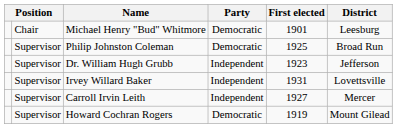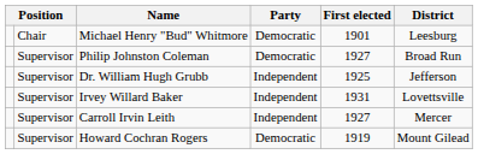 <table class="wikitable">
 <tr>
 <th colspan="2">Position</th>
 <th>Name</th>
 <th>Party</th>
 <th>First elected</th>
 <th>District</th>
 </tr>
 <tr>
 <td style="background-color:"> </td>
 <td>Chair</td>
 <td>Michael Henry "Bud" Whitmore</td>
 <td style="text-align:center;">Democratic</td>
 <td style="text-align:center;">1901</td>
 <td style="text-align:center;">Leesburg</td>
 </tr>
 <tr>
 <td style="background-color:"> </td>
 <td>Supervisor</td>
 <td>Philip Johnston Coleman</td>
 <td style="text-align:center;">Democratic</td>
-<td style="text-align:center;">1925</td>
+<td style="text-align:center;">1927</td>
 <td style="text-align:center;">Broad Run</td>
 </tr>
 <tr>
 <td style="background-color:"> </td>
 <td>Supervisor</td>
 <td>Dr. William Hugh Grubb</td>
 <td style="text-align:center;">Independent</td>
-<td style="text-align:center;">1923</td>
+<td style="text-align:center;">1925</td>
 <td style="text-align:center;">Jefferson</td>
 </tr>
 <tr>
 <td style="background-color:"> </td>
 <td>Supervisor</td>
 <td>Irvey Willard Baker</td>
 <td style="text-align:center;">Independent</td>
 <td style="text-align:center;">1931</td>
 <td style="text-align:center;">Lovettsville</td>
 </tr>
 <tr>
 <td style="background-color:"> </td>
 <td>Supervisor</td>
 <td>Carroll Irvin Leith</td>
 <td style="text-align:center;">Independent</td>
 <td style="text-align:center;">1927</td>
 <td style="text-align:center;">Mercer</td>
 </tr>
 <tr>
 <td style="background-color:"> </td>
 <td>Supervisor</td>
 <td>Howard Cochran Rogers</td>
 <td style="text-align:center;">Democratic</td>
 <td style="text-align:center;">1919</td>
 <td style="text-align:center;">Mount Gilead</td>
 </tr>
 </table>
